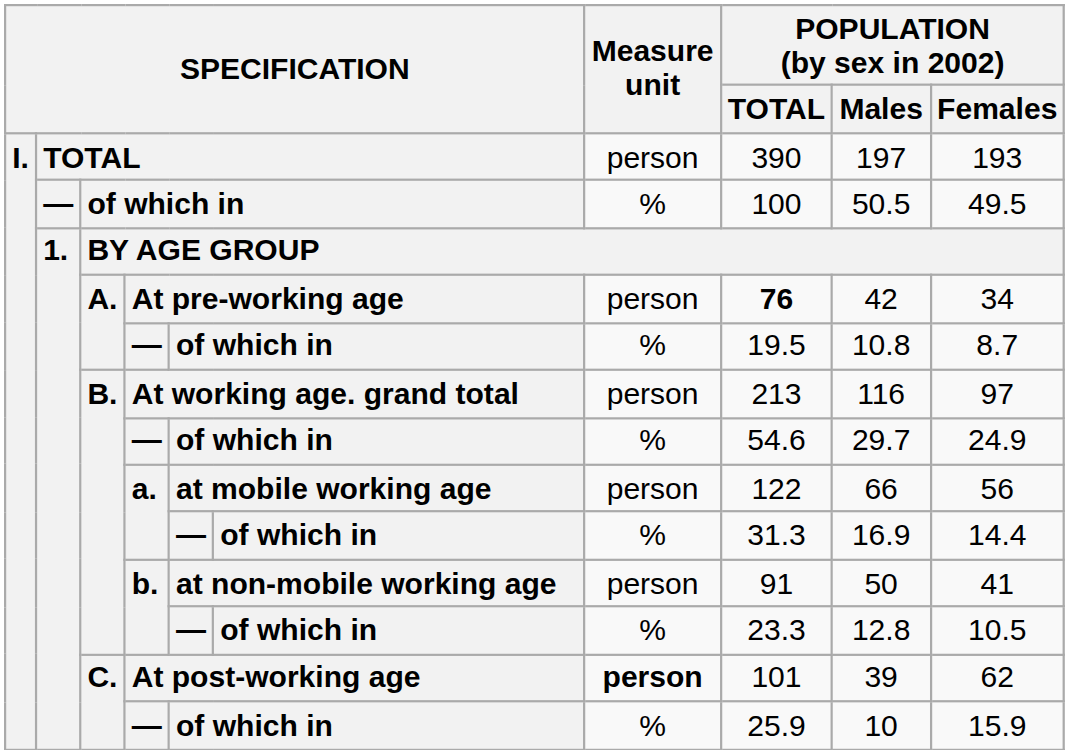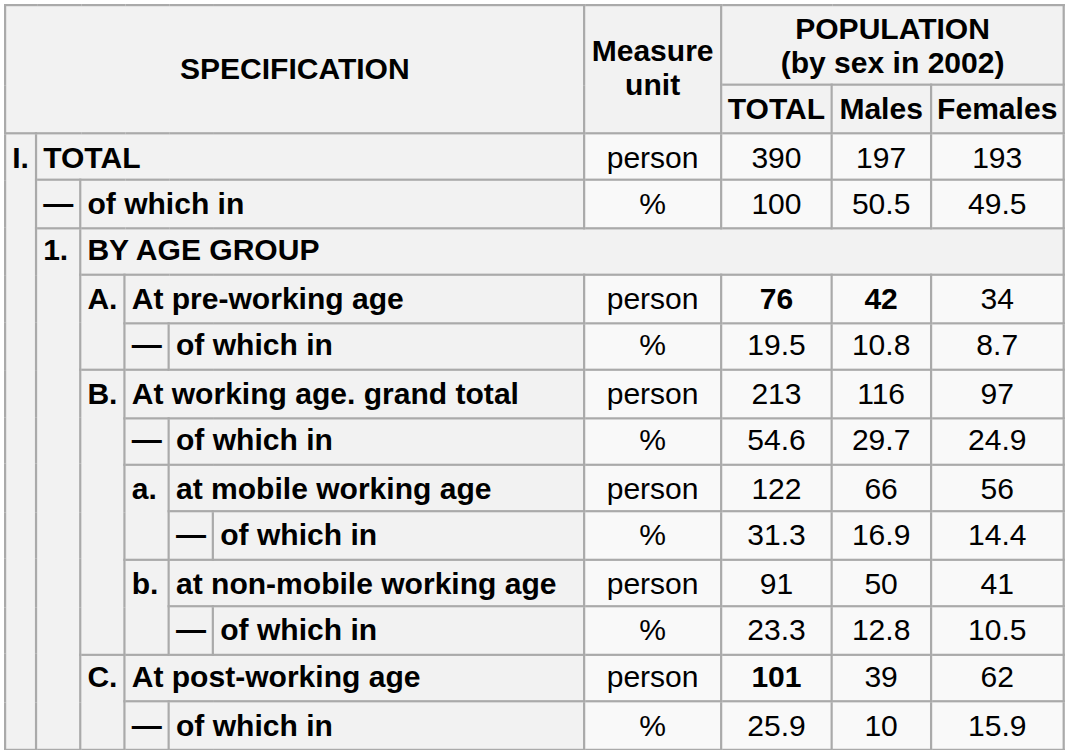 <table class="wikitable" style="font-size:85%; text-align:center">
 <tr>
 <th rowspan="2" colspan="6">SPECIFICATION</th>
 <th rowspan="2">Measure<br> unit</th>
 <th colspan="3" rowspan="1">POPULATION<br> (by sex in 2002)</th>
 </tr>
 <tr>
 <th>TOTAL</th>
 <th>Males</th>
 <th>Females</th>
 </tr>
 <tr>
 <th style="text-align:left" valign="top" rowspan="13">I.</th>
 <th style="text-align:left" colspan="5">TOTAL</th>
 <td>person</td>
 <td>390</td>
 <td>197</td>
 <td>193</td>
 </tr>
 <tr>
 <th style="text-align:left" valign="top">—</th>
 <th style="text-align:left" colspan="4">of which in</th>
 <td>%</td>
 <td>100</td>
 <td>50.5</td>
 <td>49.5</td>
 </tr>
 <tr>
 <th style="text-align:left" valign="top" rowspan="11">1.</th>
 <th style="text-align:left" colspan="19">BY AGE GROUP</th>
 </tr>
 <tr>
 <th style="text-align:left" valign="top" rowspan="2">A.</th>
 <th style="text-align:left" colspan="3">At pre-working age</th>
 <td>person</td>
 <td><strong>76</strong></td>
-<td>42</td>
+<td><strong>42</strong></td>
 <td>34</td>
 </tr>
 <tr>
 <th style="text-align:left" valign="top">—</th>
 <th style="text-align:left" valign="top" colspan="2">of which in</th>
 <td>%</td>
 <td>19.5</td>
 <td>10.8</td>
 <td>8.7</td>
 </tr>
 <tr>
 <th style="text-align:left" valign="top" rowspan="6">B.</th>
 <th style="text-align:left" colspan="3">At working age. grand total</th>
 <td>person</td>
 <td>213</td>
 <td>116</td>
 <td>97</td>
 </tr>
 <tr>
 <th style="text-align:left" valign="top">—</th>
 <th style="text-align:left" valign="top" colspan="2">of which in</th>
 <td>%</td>
 <td>54.6</td>
 <td>29.7</td>
 <td>24.9</td>
 </tr>
 <tr>
 <th style="text-align:left" valign="top" rowspan="2">a.</th>
 <th style="text-align:left" colspan="2">at mobile working age</th>
 <td>person</td>
 <td>122</td>
 <td>66</td>
 <td>56</td>
 </tr>
 <tr>
 <th style="text-align:left" valign="top">—</th>
 <th style="text-align:left" valign="top" colspan="1">of which in                        </th>
 <td>%</td>
 <td>31.3</td>
 <td>16.9</td>
 <td>14.4</td>
 </tr>
 <tr>
 <th style="text-align:left" valign="top" rowspan="2">b.</th>
 <th style="text-align:left" colspan="2">at non-mobile working age</th>
 <td>person</td>
 <td>91</td>
 <td>50</td>
 <td>41</td>
 </tr>
 <tr>
 <th style="text-align:left" valign="top">—</th>
 <th style="text-align:left" valign="top" colspan="1">of which in                        </th>
 <td>%</td>
 <td>23.3</td>
 <td>12.8</td>
 <td>10.5</td>
 </tr>
 <tr>
 <th style="text-align:left" valign="top" rowspan="2">C.</th>
 <th style="text-align:left" colspan="3">At post-working age</th>
-<td><strong>person</strong></td>
-<td>101</td>
+<td>person</td>
+<td><strong>101</strong></td>
 <td>39</td>
 <td>62</td>
 </tr>
 <tr>
 <th style="text-align:left" valign="top">—</th>
 <th style="text-align:left" valign="top" colspan="2">of which in</th>
 <td>%</td>
 <td>25.9</td>
 <td>10</td>
 <td>15.9</td>
 </tr>
 </table>
